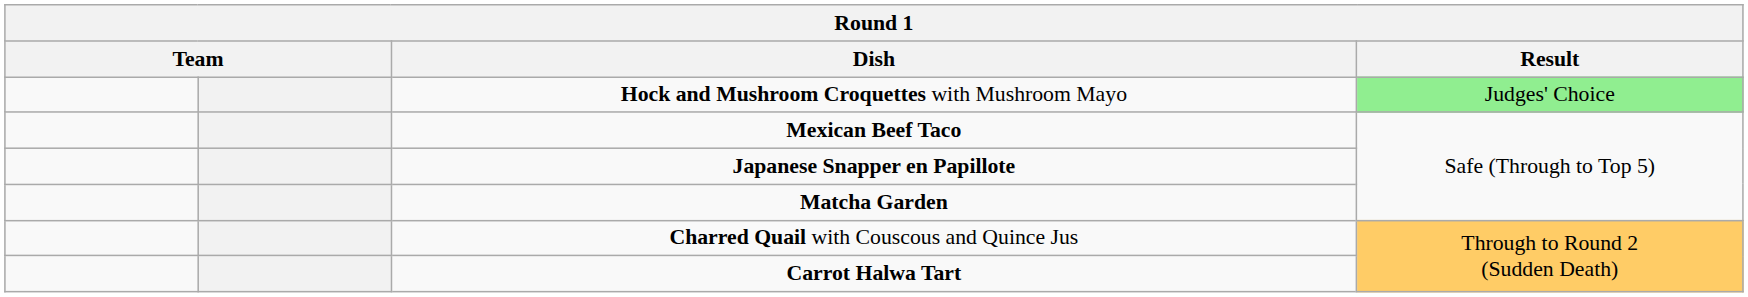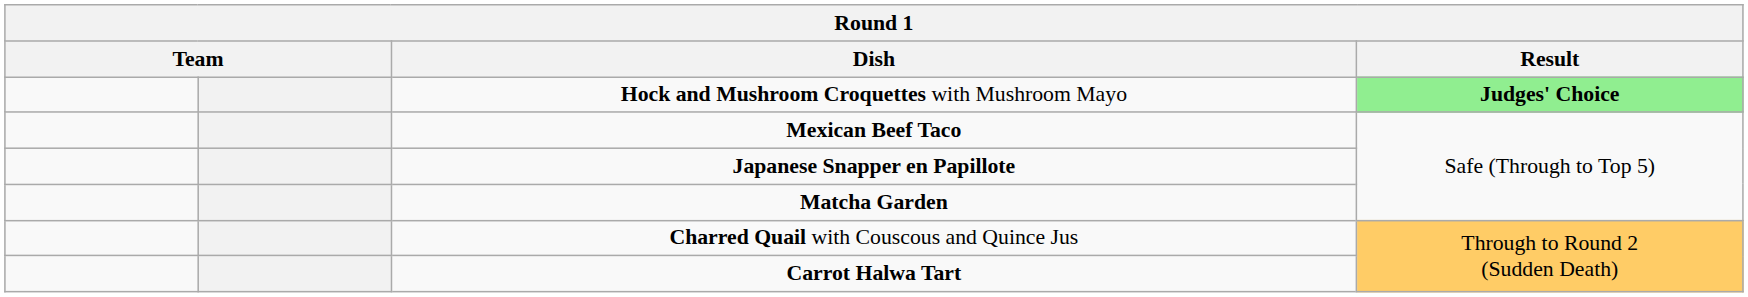 <table class="wikitable plainrowheaders" style="margin:1em auto; text-align:center; font-size:90%; width:80em;">
 <tr>
 <th colspan="5" >Round 1</th>
 </tr>
 <tr>
 <th style="width:20%;" colspan="2">Team</th>
 <th style="width:50%;">Dish</th>
 <th style="width:20%;">Result</th>
 </tr>
 <tr>
 <td></td>
 <th></th>
 <td><strong>Hock and Mushroom Croquettes</strong> with Mushroom Mayo</td>
-<td style="background:lightgreen">Judges' Choice</td>
+<td style="background:lightgreen"><strong>Judges' Choice</strong></td>
 </tr>
 <tr>
 <td></td>
 <th></th>
 <td><strong>Mexican Beef Taco</strong></td>
 <td rowspan="3">Safe (Through to Top 5)</td>
 </tr>
 <tr>
 <td></td>
 <th></th>
 <td><strong>Japanese Snapper en Papillote</strong></td>
 </tr>
 <tr>
 <td></td>
 <th></th>
 <td><strong>Matcha Garden</strong></td>
 </tr>
 <tr>
 <td></td>
 <th></th>
 <td><strong>Charred Quail</strong> with Couscous and Quince Jus</td>
 <td rowspan="2" bgcolor="FFCC66">Through to Round 2<br>(Sudden Death)</td>
 </tr>
 <tr>
 <td></td>
 <th></th>
 <td><strong>Carrot Halwa Tart</strong></td>
 </tr>
 </table>
